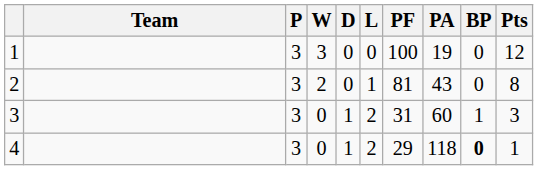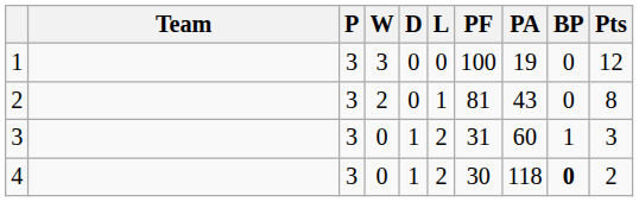 <table class="wikitable" style="text-align:center;">
 <tr>
 <th></th>
 <th width="200px">Team</th>
 <th>P</th>
 <th>W</th>
 <th>D</th>
 <th>L</th>
 <th>PF</th>
 <th>PA</th>
 <th>BP</th>
 <th>Pts</th>
 </tr>
 <tr>
 <td>1</td>
 <td></td>
 <td>3</td>
 <td>3</td>
 <td>0</td>
 <td>0</td>
 <td>100</td>
 <td>19</td>
 <td>0</td>
 <td>12</td>
 </tr>
 <tr>
 <td>2</td>
 <td></td>
 <td>3</td>
 <td>2</td>
 <td>0</td>
 <td>1</td>
 <td>81</td>
 <td>43</td>
 <td>0</td>
 <td>8</td>
 </tr>
 <tr>
 <td>3</td>
 <td></td>
 <td>3</td>
 <td>0</td>
 <td>1</td>
 <td>2</td>
 <td>31</td>
 <td>60</td>
 <td>1</td>
 <td>3</td>
 </tr>
 <tr>
 <td>4</td>
 <td></td>
 <td>3</td>
 <td>0</td>
 <td>1</td>
 <td>2</td>
-<td>29</td>
+<td>30</td>
 <td>118</td>
 <td><strong>0</strong></td>
-<td>1</td>
+<td>2</td>
 </tr>
 </table>
